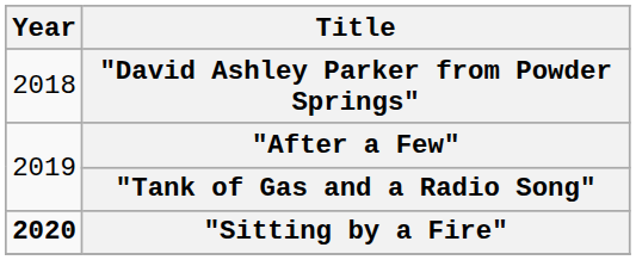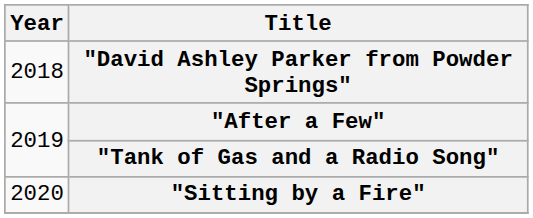 <table class="wikitable plainrowheaders" style="text-align:center;">
 <tr>
 <th>Year</th>
 <th style="width:20em;">Title</th>
 </tr>
 <tr>
 <td>2018</td>
 <th scope="row">"David Ashley Parker from Powder Springs"</th>
 </tr>
 <tr>
 <td rowspan="2">2019</td>
 <th scope="row">"After a Few"</th>
 </tr>
 <tr>
 <th scope="row">"Tank of Gas and a Radio Song"</th>
 </tr>
 <tr>
-<td><strong>2020</strong></td>
+<td>2020</td>
 <th scope="row">"Sitting by a Fire"</th>
 </tr>
 <tr>
 </tr>
 </table>
